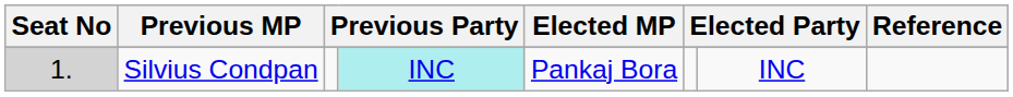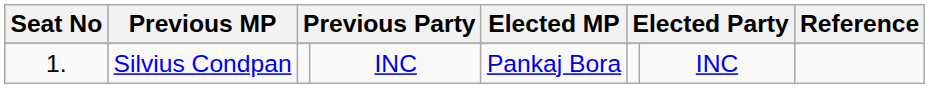 <table class="wikitable">
 <tr>
 <th>Seat No</th>
 <th>Previous MP</th>
 <th colspan=2>Previous Party</th>
 <th>Elected MP</th>
 <th colspan=2>Elected Party</th>
 <th>Reference</th>
 </tr>
 <tr>
 </tr>
 <tr style="text-align:center;">
-<td style="background: lightgrey;">1.</td>
+<td>1.</td>
 <td><a href='#'>Silvius Condpan</a></td>
 <td width="1px"></td>
-<td style="background: paleturquoise;"><a href='#'>INC</a></td>
+<td><a href='#'>INC</a></td>
 <td><a href='#'>Pankaj Bora</a></td>
 <td width="1px"></td>
 <td><a href='#'>INC</a></td>
 <td></td>
 </tr>
 </table>
